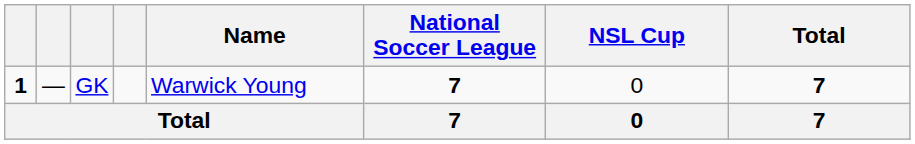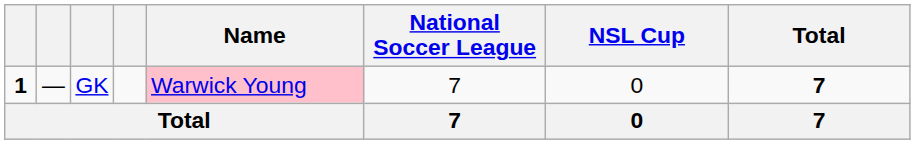 <table class="wikitable" style="text-align:center">
 <tr>
 <th width=15></th>
 <th width=15></th>
 <th width=15></th>
 <th width=15></th>
 <th width=145>Name</th>
 <th width=120><a href='#'>National Soccer League</a></th>
 <th width=120><a href='#'>NSL Cup</a></th>
 <th width=120>Total</th>
 </tr>
 <tr>
 <td><strong>1</strong></td>
 <td>—</td>
 <td><a href='#'>GK</a></td>
 <td></td>
-<td align=left><a href='#'>Warwick Young</a></td>
-<td><strong>7</strong></td>
+<td align=left style="background: pink;"><a href='#'>Warwick Young</a></td>
+<td>7</td>
 <td>0</td>
 <td><strong>7</strong></td>
 </tr>
 <tr>
 <th colspan="5"><strong>Total</strong></th>
 <th>7</th>
 <th>0</th>
 <th>7</th>
 </tr>
 </table>
